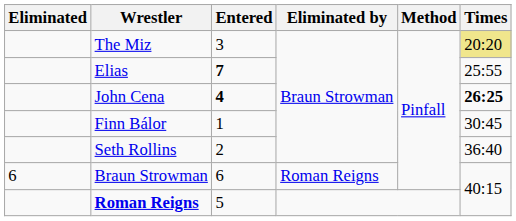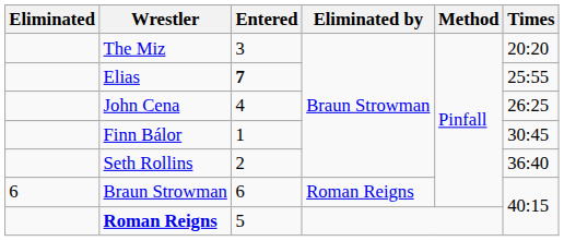 <table class="wikitable sortable">
 <tr>
 <th>Eliminated</th>
 <th>Wrestler</th>
 <th>Entered</th>
 <th>Eliminated by</th>
 <th>Method</th>
 <th>Times</th>
 </tr>
 <tr>
 <td></td>
 <td><a href='#'>The Miz</a></td>
 <td>3</td>
 <td rowspan=5><a href='#'>Braun Strowman</a></td>
 <td rowspan=6><a href='#'>Pinfall</a></td>
-<td style="background: khaki;">20:20</td>
+<td>20:20</td>
 </tr>
 <tr>
 <td></td>
 <td><a href='#'>Elias</a></td>
 <td><strong>7</strong></td>
 <td>25:55</td>
 </tr>
 <tr>
 <td></td>
 <td><a href='#'>John Cena</a></td>
-<td><strong>4</strong></td>
-<td><strong>26:25</strong></td>
+<td>4</td>
+<td>26:25</td>
 </tr>
 <tr>
 <td></td>
 <td><a href='#'>Finn Bálor</a></td>
 <td>1</td>
 <td>30:45</td>
 </tr>
 <tr>
 <td></td>
 <td><a href='#'>Seth Rollins</a></td>
 <td>2</td>
 <td>36:40</td>
 </tr>
 <tr>
 <td>6</td>
 <td><a href='#'>Braun Strowman</a></td>
 <td>6</td>
 <td><a href='#'>Roman Reigns</a></td>
 <td rowspan=2>40:15</td>
 </tr>
 <tr>
 <td></td>
 <td><strong><a href='#'>Roman Reigns</a></strong></td>
 <td>5</td>
 <td colspan="2"></td>
 </tr>
 </table>
